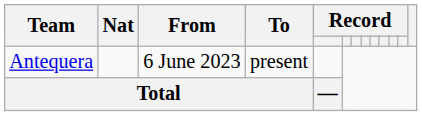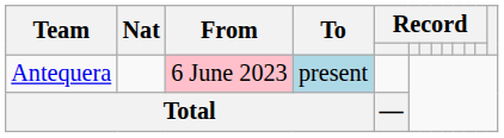 <table class="wikitable" style="text-align: center">
 <tr>
 <th rowspan="2">Team</th>
 <th rowspan="2">Nat</th>
 <th rowspan="2">From</th>
 <th rowspan="2">To</th>
 <th colspan="8">Record</th>
 <th rowspan=2></th>
 </tr>
 <tr>
 <th></th>
 <th></th>
 <th></th>
 <th></th>
 <th></th>
 <th></th>
 <th></th>
 <th></th>
 </tr>
 <tr>
 <td align="left"><a href='#'>Antequera</a></td>
 <td align="center"></td>
-<td align="center">6 June 2023</td>
-<td align="center">present<br></td>
+<td align="center" style="background: pink;">6 June 2023</td>
+<td align="center" style="background: lightblue;">present<br></td>
 <td></td>
 </tr>
 <tr>
 <th colspan="4">Total<br></th>
 <th>—</th>
 </tr>
 </table>
